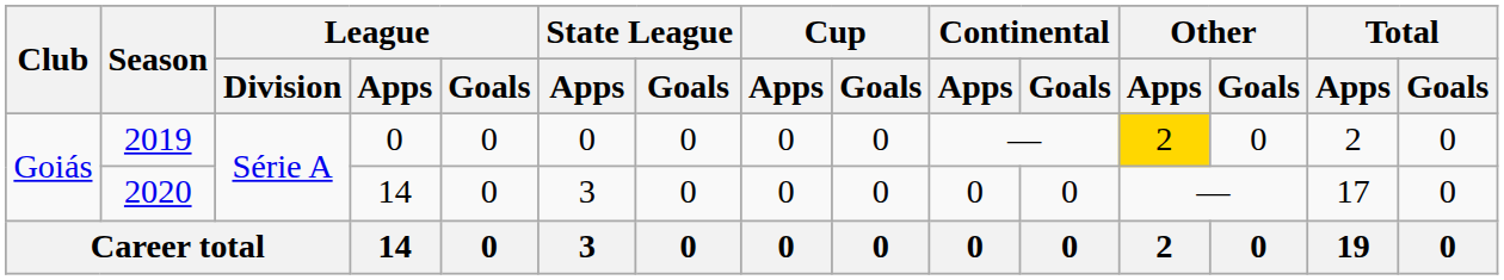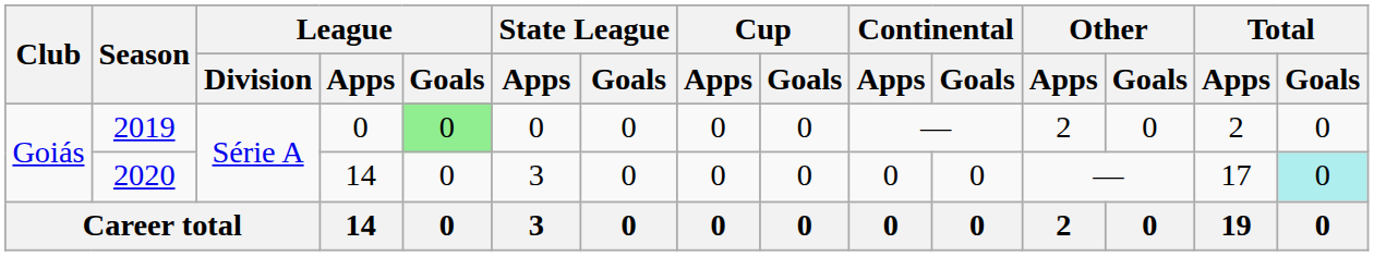 <table class="wikitable" style="text-align: center;">
 <tr>
 <th rowspan="2">Club</th>
 <th rowspan="2">Season</th>
 <th colspan="3">League</th>
 <th colspan="2">State League</th>
 <th colspan="2">Cup</th>
 <th colspan="2">Continental</th>
 <th colspan="2">Other</th>
 <th colspan="2">Total</th>
 </tr>
 <tr>
 <th>Division</th>
 <th>Apps</th>
 <th>Goals</th>
 <th>Apps</th>
 <th>Goals</th>
 <th>Apps</th>
 <th>Goals</th>
 <th>Apps</th>
 <th>Goals</th>
 <th>Apps</th>
 <th>Goals</th>
 <th>Apps</th>
 <th>Goals</th>
 </tr>
 <tr>
 <td rowspan="2" valign="center"><a href='#'>Goiás</a></td>
 <td><a href='#'>2019</a></td>
 <td rowspan="2"><a href='#'>Série A</a></td>
 <td>0</td>
-<td>0</td>
+<td style="background: lightgreen;">0</td>
 <td>0</td>
 <td>0</td>
 <td>0</td>
 <td>0</td>
 <td colspan="2">—</td>
-<td style="background: gold;">2</td>
+<td>2</td>
 <td>0</td>
 <td>2</td>
 <td>0</td>
 </tr>
 <tr>
 <td><a href='#'>2020</a></td>
 <td>14</td>
 <td>0</td>
 <td>3</td>
 <td>0</td>
 <td>0</td>
 <td>0</td>
 <td>0</td>
 <td>0</td>
 <td colspan="2">—</td>
 <td>17</td>
-<td>0</td>
+<td style="background: paleturquoise;">0</td>
 </tr>
 <tr>
 <th colspan="3"><strong>Career total</strong></th>
 <th>14</th>
 <th>0</th>
 <th>3</th>
 <th>0</th>
 <th>0</th>
 <th>0</th>
 <th>0</th>
 <th>0</th>
 <th>2</th>
 <th>0</th>
 <th>19</th>
 <th>0</th>
 </tr>
 </table>
